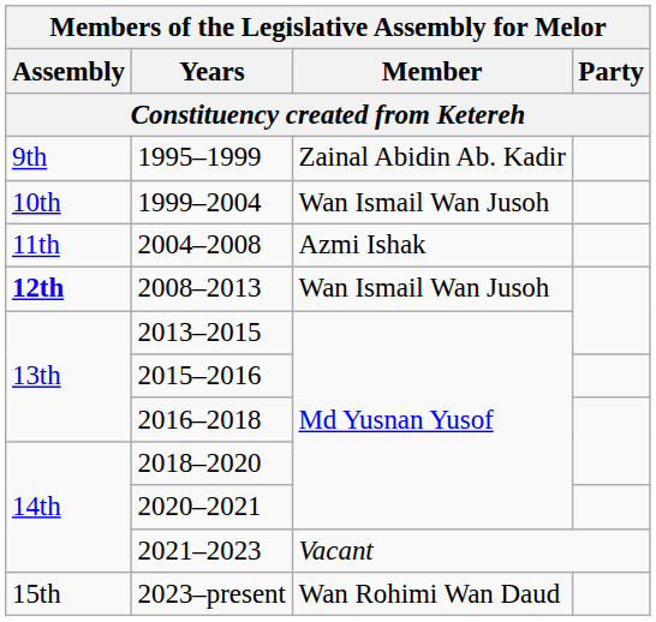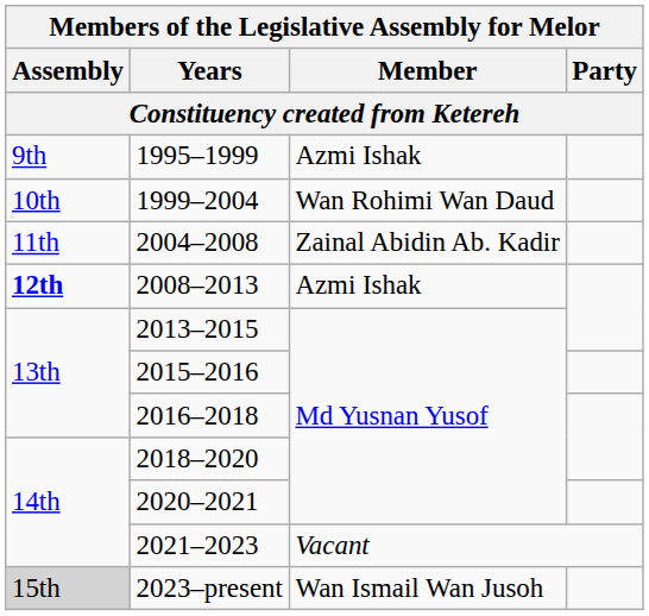 <table class=wikitable>
 <tr>
 <th colspan=4>Members of the Legislative Assembly for Melor</th>
 </tr>
 <tr>
 <th>Assembly</th>
 <th>Years</th>
 <th>Member</th>
 <th>Party</th>
 </tr>
 <tr>
 <th colspan=4 align=center><em>Constituency created from Ketereh</em></th>
 </tr>
 <tr>
 <td><a href='#'>9th</a></td>
 <td>1995–1999</td>
-<td>Zainal Abidin Ab. Kadir</td>
+<td>Azmi Ishak</td>
 <td></td>
 </tr>
 <tr>
 <td><a href='#'>10th</a></td>
 <td>1999–2004</td>
-<td>Wan Ismail Wan Jusoh</td>
+<td>Wan Rohimi Wan Daud</td>
 <td></td>
 </tr>
 <tr>
 <td><a href='#'>11th</a></td>
 <td>2004–2008</td>
-<td>Azmi Ishak</td>
+<td>Zainal Abidin Ab. Kadir</td>
 <td></td>
 </tr>
 <tr>
 <td><strong><a href='#'>12th</a></strong></td>
 <td>2008–2013</td>
-<td>Wan Ismail Wan Jusoh</td>
+<td>Azmi Ishak</td>
 <td rowspan=2></td>
 </tr>
 <tr>
 <td rowspan=3><a href='#'>13th</a></td>
 <td>2013–2015</td>
 <td rowspan=5><a href='#'>Md Yusnan Yusof</a></td>
 </tr>
 <tr>
 <td>2015–2016</td>
 <td></td>
 </tr>
 <tr>
 <td>2016–2018</td>
 <td rowspan=2></td>
 </tr>
 <tr>
 <td rowspan="3"><a href='#'>14th</a></td>
 <td>2018–2020</td>
 </tr>
 <tr>
 <td>2020–2021</td>
 <td></td>
 </tr>
 <tr>
 <td>2021–2023</td>
 <td colspan="2"><em>Vacant</em></td>
 </tr>
 <tr>
-<td>15th</td>
+<td style="background: lightgrey;">15th</td>
 <td>2023–present</td>
-<td>Wan Rohimi Wan Daud</td>
+<td>Wan Ismail Wan Jusoh</td>
 <td></td>
 </tr>
 </table>
